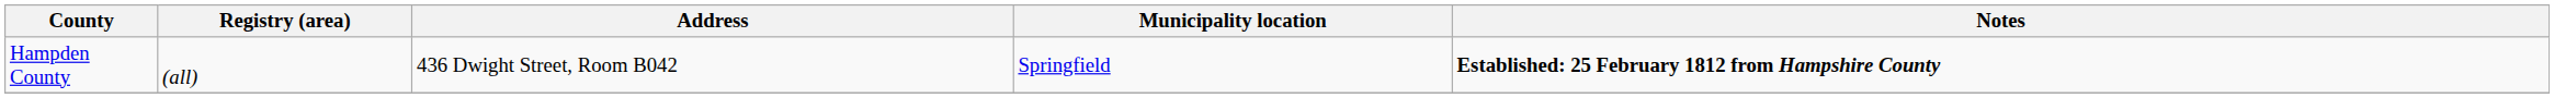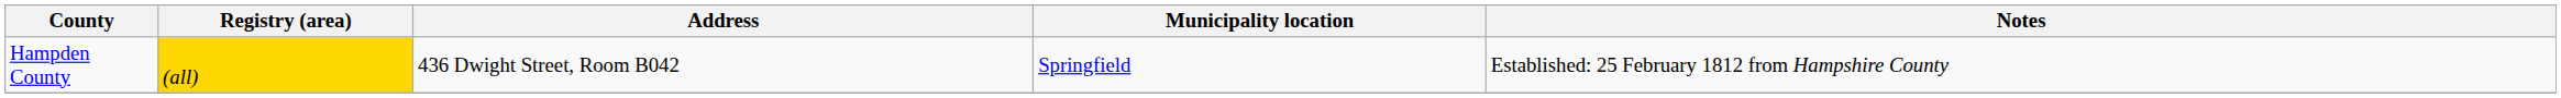 <table class="wikitable" width="100%">
 <tr>
 <th style="width:6%">County</th>
 <th style="width:10%">Registry (area)</th>
 <th>Address</th>
 <th>Municipality location</th>
 <th>Notes</th>
 </tr>
 <tr>
 <td><a href='#'>Hampden County</a></td>
-<td><br><em>(all)</em></td>
+<td style="background: gold;"><br><em>(all)</em></td>
 <td>436 Dwight Street, Room B042</td>
 <td><a href='#'>Springfield</a></td>
-<td><strong>Established: 25 February 1812 from <em>Hampshire County</em></strong></td>
+<td>Established: 25 February 1812 from <em>Hampshire County</em></td>
 </tr>
 <tr>
 </tr>
 </table>
